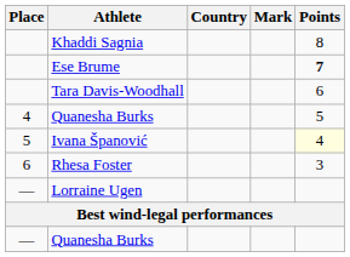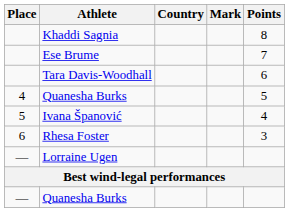 <table class="wikitable">
 <tr>
 <th>Place</th>
 <th>Athlete</th>
 <th>Country</th>
 <th>Mark</th>
 <th>Points</th>
 </tr>
 <tr>
 <td align=center></td>
 <td><a href='#'>Khaddi Sagnia</a></td>
 <td></td>
 <td> </td>
 <td align=center>8</td>
 </tr>
 <tr>
 <td align=center></td>
 <td><a href='#'>Ese Brume</a></td>
 <td></td>
 <td> </td>
-<td align=center><strong>7</strong></td>
+<td align=center>7</td>
 </tr>
 <tr>
 <td align=center></td>
 <td><a href='#'>Tara Davis-Woodhall</a></td>
 <td></td>
 <td> </td>
 <td align=center>6</td>
 </tr>
 <tr>
 <td align=center>4</td>
 <td><a href='#'>Quanesha Burks</a></td>
 <td></td>
 <td> </td>
 <td align=center>5</td>
 </tr>
 <tr>
 <td align=center>5</td>
 <td><a href='#'>Ivana Španović</a></td>
 <td></td>
 <td> </td>
-<td align=center style="background: lightyellow;">4</td>
+<td align=center>4</td>
 </tr>
 <tr>
 <td align=center>6</td>
 <td><a href='#'>Rhesa Foster</a></td>
 <td></td>
 <td> </td>
 <td align=center>3</td>
 </tr>
 <tr>
 <td align=center>—</td>
 <td><a href='#'>Lorraine Ugen</a></td>
 <td></td>
 <td></td>
 <td align=center></td>
 </tr>
 <tr>
 <th align=center colspan=5>Best wind-legal performances</th>
 </tr>
 <tr>
 <td align=center>—</td>
 <td><a href='#'>Quanesha Burks</a></td>
 <td></td>
 <td> </td>
 <td align=center></td>
 </tr>
 </table>
